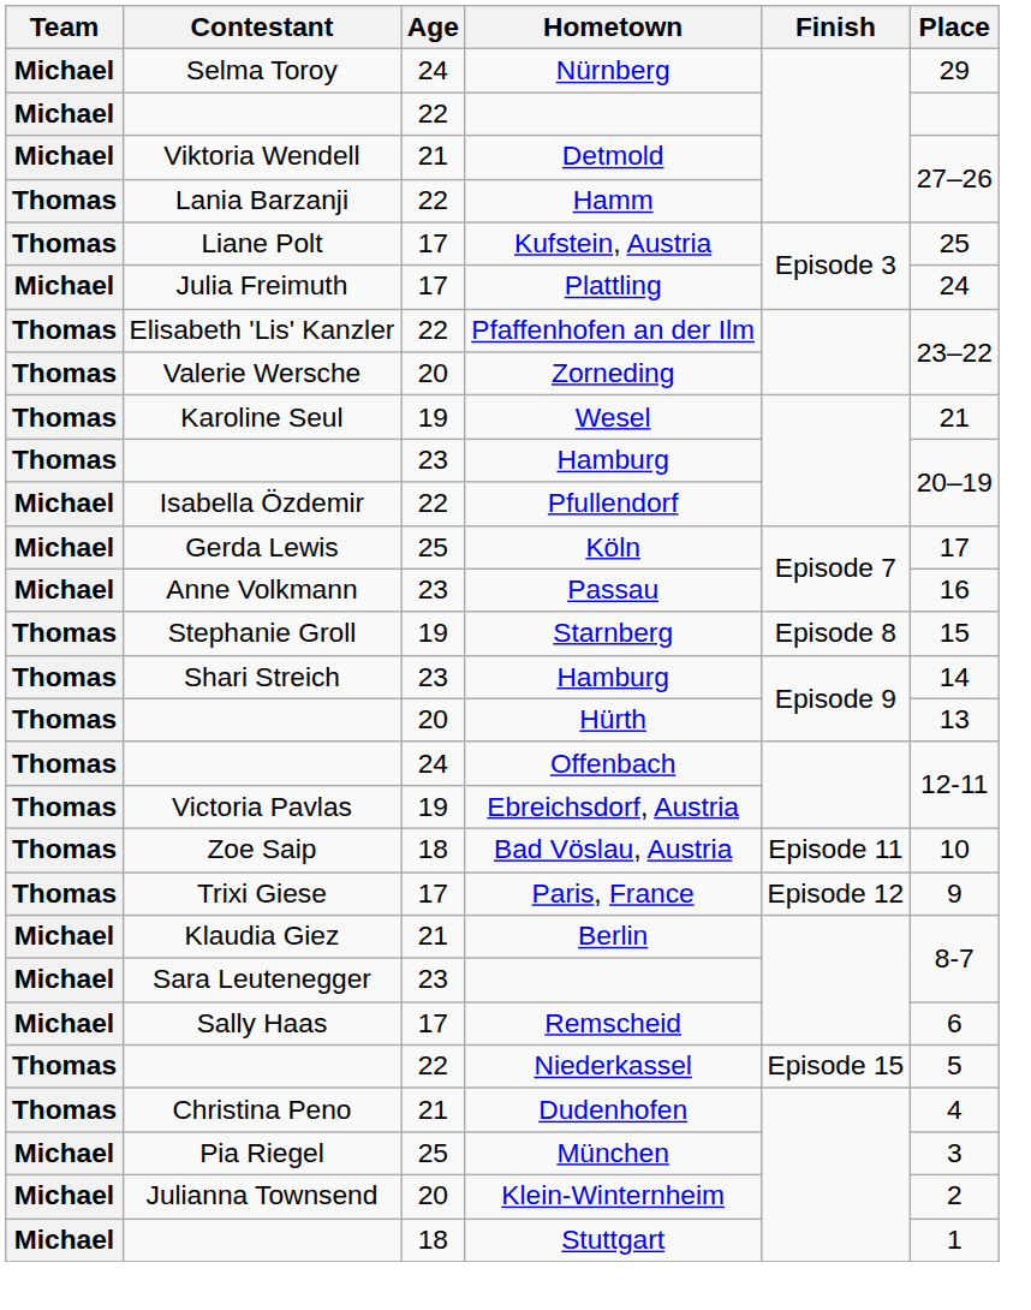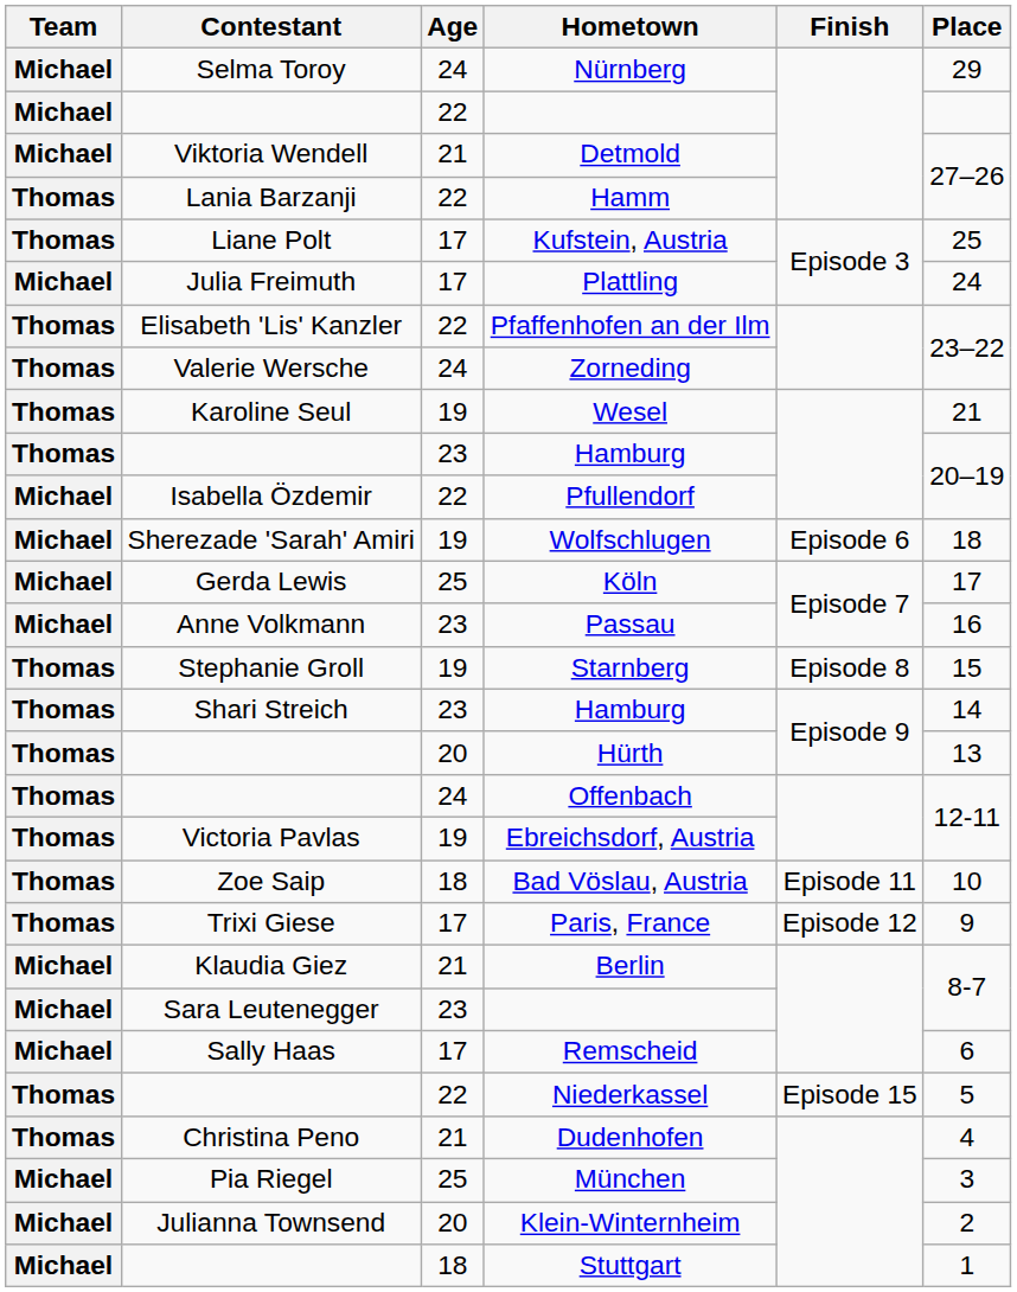 <table class="wikitable sortable" style="text-align:center;">
 <tr>
 <th>Team</th>
 <th>Contestant</th>
 <th>Age</th>
 <th>Hometown</th>
 <th>Finish</th>
 <th>Place</th>
 </tr>
 <tr>
 <th><span>Michael</span></th>
 <td>Selma Toroy</td>
 <td>24</td>
 <td><a href='#'>Nürnberg</a></td>
 <td rowspan="4"></td>
 <td>29</td>
 </tr>
 <tr>
 <th><span>Michael</span></th>
 <td></td>
 <td>22</td>
 <td></td>
 <td></td>
 </tr>
 <tr>
 <th><span>Michael</span></th>
 <td>Viktoria Wendell</td>
 <td>21</td>
 <td><a href='#'>Detmold</a></td>
 <td rowspan="2">27–26</td>
 </tr>
 <tr>
 <th><span>Thomas</span></th>
 <td>Lania Barzanji</td>
 <td>22</td>
 <td><a href='#'>Hamm</a></td>
 </tr>
 <tr>
 <th><span>Thomas</span></th>
 <td>Liane Polt</td>
 <td>17</td>
 <td><a href='#'>Kufstein</a>, <a href='#'>Austria</a></td>
 <td rowspan="2">Episode 3</td>
 <td>25</td>
 </tr>
 <tr>
 <th><span>Michael</span></th>
 <td>Julia Freimuth</td>
 <td>17</td>
 <td><a href='#'>Plattling</a></td>
 <td>24</td>
 </tr>
 <tr>
 <th><span>Thomas</span></th>
 <td>Elisabeth 'Lis' Kanzler</td>
 <td>22</td>
 <td><a href='#'>Pfaffenhofen an der Ilm</a></td>
 <td rowspan="2"></td>
 <td rowspan="2">23–22</td>
 </tr>
 <tr>
 <th><span>Thomas</span></th>
 <td>Valerie Wersche</td>
-<td>20</td>
+<td>24</td>
 <td><a href='#'>Zorneding</a></td>
 </tr>
 <tr>
 <th><span>Thomas</span></th>
 <td>Karoline Seul</td>
 <td>19</td>
 <td><a href='#'>Wesel</a></td>
 <td rowspan="3"></td>
 <td>21</td>
 </tr>
 <tr>
 <th><span>Thomas</span></th>
 <td></td>
 <td>23</td>
 <td><a href='#'>Hamburg</a></td>
 <td rowspan="2">20–19</td>
 </tr>
 <tr>
 <th><span>Michael</span></th>
 <td>Isabella Özdemir</td>
 <td>22</td>
 <td><a href='#'>Pfullendorf</a></td>
+</tr>
+<tr>
+<th><span>Michael</span></th>
+<td>Sherezade 'Sarah' Amiri</td>
+<td>19</td>
+<td><a href='#'>Wolfschlugen</a></td>
+<td>Episode 6</td>
+<td>18</td>
 </tr>
 <tr>
 <th><span>Michael</span></th>
 <td>Gerda Lewis</td>
 <td>25</td>
 <td><a href='#'>Köln</a></td>
 <td rowspan="2">Episode 7</td>
 <td>17</td>
 </tr>
 <tr>
 <th><span>Michael</span></th>
 <td>Anne Volkmann</td>
 <td>23</td>
 <td><a href='#'>Passau</a></td>
 <td>16</td>
 </tr>
 <tr>
 <th><span>Thomas</span></th>
 <td>Stephanie Groll</td>
 <td>19</td>
 <td><a href='#'>Starnberg</a></td>
 <td>Episode 8</td>
 <td>15</td>
 </tr>
 <tr>
 <th><span>Thomas</span></th>
 <td>Shari Streich</td>
 <td>23</td>
 <td><a href='#'>Hamburg</a></td>
 <td rowspan="2">Episode 9</td>
 <td>14</td>
 </tr>
 <tr>
 <th><span>Thomas</span></th>
 <td></td>
 <td>20</td>
 <td><a href='#'>Hürth</a></td>
 <td>13</td>
 </tr>
 <tr>
 <th><span>Thomas</span></th>
 <td></td>
 <td>24</td>
 <td><a href='#'>Offenbach</a></td>
 <td rowspan="2"></td>
 <td rowspan="2">12-11</td>
 </tr>
 <tr>
 <th><span>Thomas</span></th>
 <td>Victoria Pavlas</td>
 <td>19</td>
 <td><a href='#'>Ebreichsdorf</a>, <a href='#'>Austria</a></td>
 </tr>
 <tr>
 <th><span>Thomas</span></th>
 <td>Zoe Saip</td>
 <td>18</td>
 <td><a href='#'>Bad Vöslau</a>, <a href='#'>Austria</a></td>
 <td>Episode 11</td>
 <td>10</td>
 </tr>
 <tr>
 <th><span>Thomas</span></th>
 <td>Trixi Giese</td>
 <td>17</td>
 <td><a href='#'>Paris</a>, <a href='#'>France</a></td>
 <td>Episode 12</td>
 <td>9</td>
 </tr>
 <tr>
 <th><span>Michael</span></th>
 <td>Klaudia Giez</td>
 <td>21</td>
 <td><a href='#'>Berlin</a></td>
 <td rowspan="3"></td>
 <td rowspan="2">8-7</td>
 </tr>
 <tr>
 <th><span>Michael</span></th>
 <td>Sara Leutenegger</td>
 <td>23</td>
 <td></td>
 </tr>
 <tr>
 <th><span>Michael</span></th>
 <td>Sally Haas</td>
 <td>17</td>
 <td><a href='#'>Remscheid</a></td>
 <td>6</td>
 </tr>
 <tr>
 <th><span>Thomas</span></th>
 <td></td>
 <td>22</td>
 <td><a href='#'>Niederkassel</a></td>
 <td>Episode 15</td>
 <td>5</td>
 </tr>
 <tr>
 <th><span>Thomas</span></th>
 <td>Christina Peno</td>
 <td>21</td>
 <td><a href='#'>Dudenhofen</a></td>
 <td rowspan="4"></td>
 <td>4</td>
 </tr>
 <tr>
 <th><span>Michael</span></th>
 <td>Pia Riegel</td>
 <td>25</td>
 <td><a href='#'>München</a></td>
 <td>3</td>
 </tr>
 <tr>
 <th><span>Michael</span></th>
 <td>Julianna Townsend</td>
 <td>20</td>
 <td><a href='#'>Klein-Winternheim</a></td>
 <td>2</td>
 </tr>
 <tr>
 <th><span>Michael</span></th>
 <td></td>
 <td>18</td>
 <td><a href='#'>Stuttgart</a></td>
 <td>1</td>
 </tr>
 </table>
